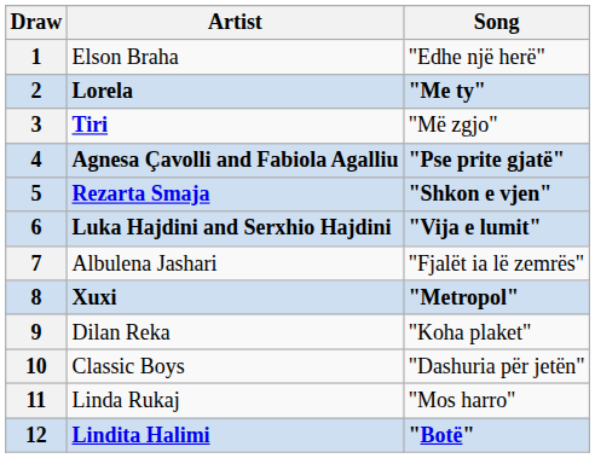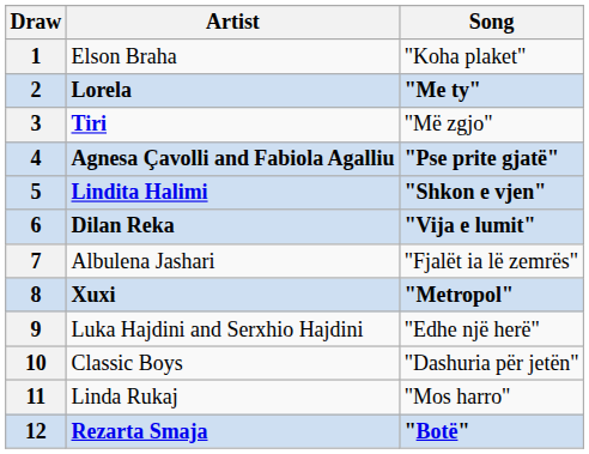 <table class="sortable wikitable plainrowheaders" style="margin: 1em auto 1em auto;">
 <tr>
 </tr>
 <tr>
 <th scope="col">Draw</th>
 <th scope="col">Artist</th>
 <th scope="col">Song</th>
 </tr>
 <tr>
 <th scope="row" style="text-align:center;">1</th>
 <td>Elson Braha</td>
-<td>"Edhe një herë"</td>
+<td>"Koha plaket"</td>
 </tr>
 <tr style="font-weight:bold; background:#CEDFF2;">
 <th scope="row" style="text-align:center; font-weight:bold; background:#CEDFF2;">2</th>
 <td>Lorela</td>
 <td>"Me ty"</td>
 </tr>
 <tr>
 <th scope="row" style="text-align:center;">3</th>
 <td><strong><a href='#'>Tiri</a></strong></td>
 <td>"Më zgjo"</td>
 </tr>
 <tr style="font-weight:bold; background:#CEDFF2;">
 <th scope="row" style="text-align:center; font-weight:bold; background:#CEDFF2;">4</th>
 <td>Agnesa Çavolli and Fabiola Agalliu</td>
 <td>"Pse prite gjatë"</td>
 </tr>
 <tr style="font-weight:bold; background:#CEDFF2;">
 <th scope="row" style="text-align:center; font-weight:bold; background:#CEDFF2;">5</th>
-<td><a href='#'>Rezarta Smaja</a></td>
+<td><a href='#'>Lindita Halimi</a></td>
 <td>"Shkon e vjen"</td>
 </tr>
 <tr style="font-weight:bold; background:#CEDFF2;">
 <th scope="row" style="text-align:center; font-weight:bold; background:#CEDFF2;">6</th>
-<td>Luka Hajdini and Serxhio Hajdini</td>
+<td>Dilan Reka</td>
 <td>"Vija e lumit"</td>
 </tr>
 <tr>
 <th scope="row" style="text-align:center;">7</th>
 <td>Albulena Jashari</td>
 <td>"Fjalët ia lë zemrës"</td>
 </tr>
 <tr style="font-weight:bold; background:#CEDFF2;">
 <th scope="row" style="text-align:center; font-weight:bold; background:#CEDFF2;">8</th>
 <td>Xuxi</td>
 <td>"Metropol"</td>
 </tr>
 <tr>
 <th scope="row" style="text-align:center;">9</th>
-<td>Dilan Reka</td>
-<td>"Koha plaket"</td>
+<td>Luka Hajdini and Serxhio Hajdini</td>
+<td>"Edhe një herë"</td>
 </tr>
 <tr>
 <th scope="row" style="text-align:center;">10</th>
 <td>Classic Boys</td>
 <td>"Dashuria për jetën"</td>
 </tr>
 <tr>
 <th scope="row" style="text-align:center;">11</th>
 <td>Linda Rukaj</td>
 <td>"Mos harro"</td>
 </tr>
 <tr style="font-weight:bold; background:#CEDFF2;">
 <th scope="row" style="text-align:center; font-weight:bold; background:#CEDFF2;">12</th>
-<td><a href='#'>Lindita Halimi</a></td>
+<td><a href='#'>Rezarta Smaja</a></td>
 <td>"<a href='#'>Botë</a>"</td>
 </tr>
 </table>
